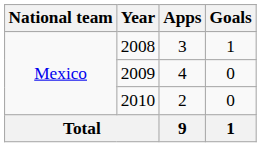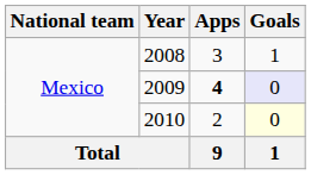 <table class="wikitable" style="text-align: center;">
 <tr>
 <th>National team</th>
 <th>Year</th>
 <th>Apps</th>
 <th>Goals</th>
 </tr>
 <tr>
 <td rowspan="3" valign="center"><a href='#'>Mexico</a></td>
 <td>2008</td>
 <td>3</td>
 <td>1</td>
 </tr>
 <tr>
 <td>2009</td>
-<td>4</td>
-<td>0</td>
+<td><strong>4</strong></td>
+<td style="background: lavender;">0</td>
 </tr>
 <tr>
 <td>2010</td>
 <td>2</td>
-<td>0</td>
+<td style="background: lightyellow;">0</td>
 </tr>
 <tr>
 <th colspan="2">Total</th>
 <th>9</th>
 <th>1</th>
 </tr>
 </table>
